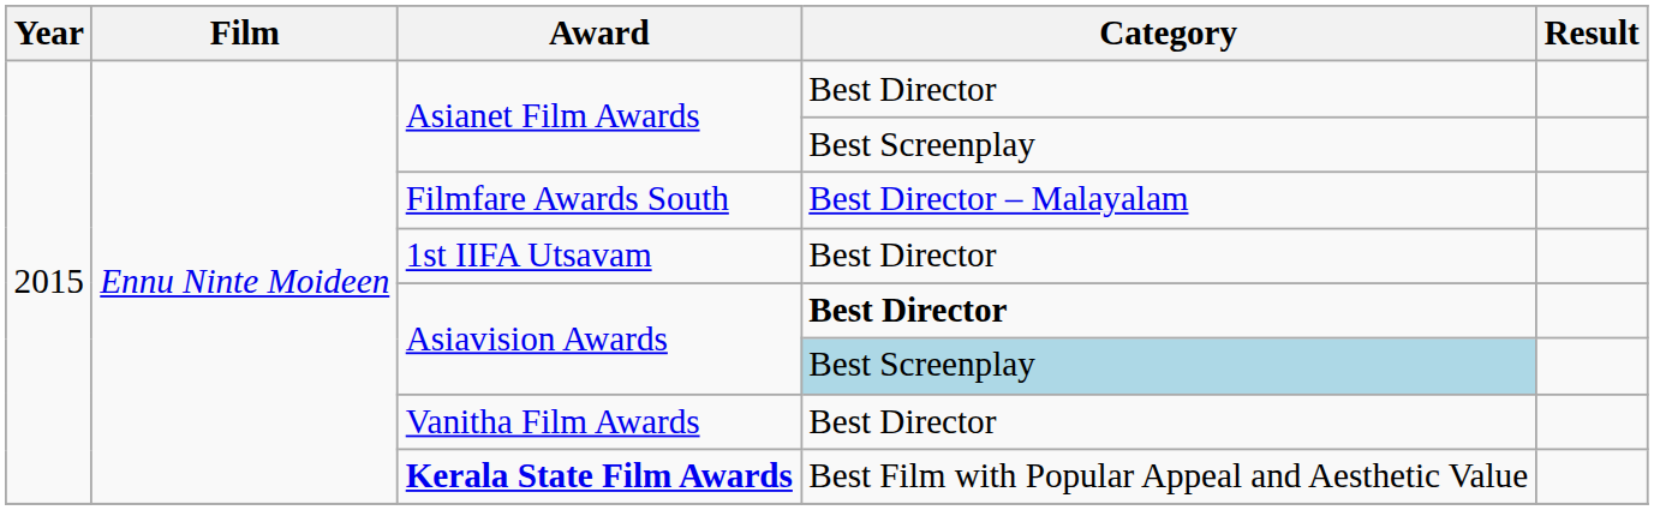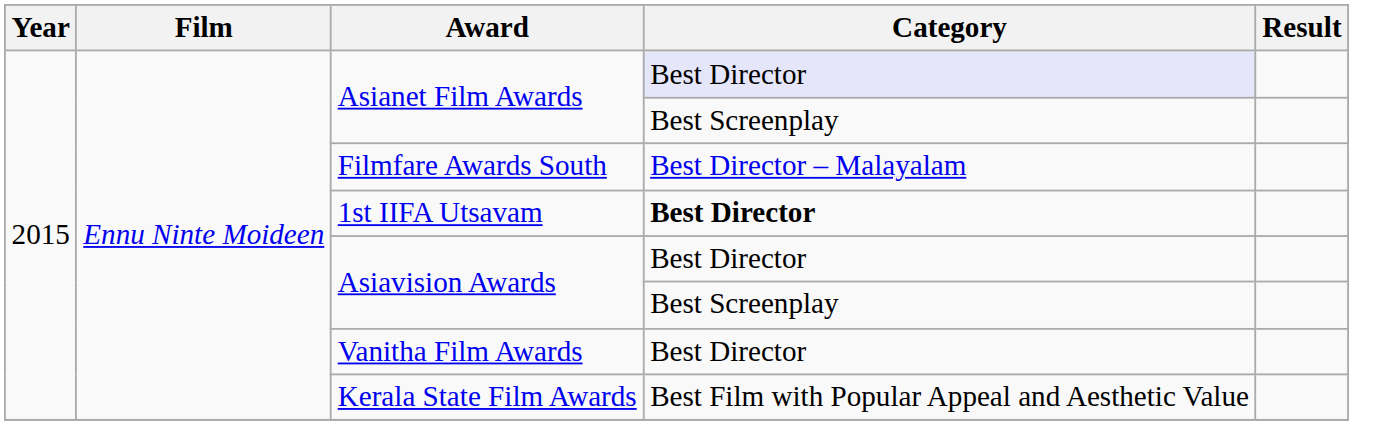 <table class="wikitable plainrowheaders sortable">
 <tr>
 <th scope="col">Year</th>
 <th scope="col">Film</th>
 <th scope="col">Award</th>
 <th scope="col">Category</th>
 <th scope="col">Result</th>
 </tr>
 <tr>
 <td rowspan="8">2015</td>
 <td rowspan="8"><em><a href='#'>Ennu Ninte Moideen</a></em></td>
 <td rowspan="2"><a href='#'>Asianet Film Awards</a></td>
-<td>Best Director</td>
+<td style="background: lavender;">Best Director</td>
 <td></td>
 </tr>
 <tr>
 <td>Best Screenplay</td>
 <td></td>
 </tr>
 <tr>
 <td><a href='#'>Filmfare Awards South</a></td>
 <td><a href='#'>Best Director – Malayalam</a></td>
 <td></td>
 </tr>
 <tr>
 <td rowspan="1"><a href='#'>1st IIFA Utsavam</a></td>
+<td><strong>Best Director</strong></td>
+<td></td>
+</tr>
+<tr>
+<td rowspan="2"><a href='#'>Asiavision Awards</a></td>
 <td>Best Director</td>
 <td></td>
 </tr>
 <tr>
-<td rowspan="2"><a href='#'>Asiavision Awards</a></td>
-<td><strong>Best Director</strong></td>
-<td></td>
-</tr>
-<tr>
-<td style="background: lightblue;">Best Screenplay</td>
+<td>Best Screenplay</td>
 <td></td>
 </tr>
 <tr>
 <td rowspan="1"><a href='#'>Vanitha Film Awards</a></td>
 <td>Best Director</td>
 <td></td>
 </tr>
 <tr>
-<td rowspan="1"><strong><a href='#'>Kerala State Film Awards</a></strong></td>
+<td rowspan="1"><a href='#'>Kerala State Film Awards</a></td>
 <td>Best Film with Popular Appeal and Aesthetic Value</td>
 <td></td>
 </tr>
 <tr>
 </tr>
 </table>
